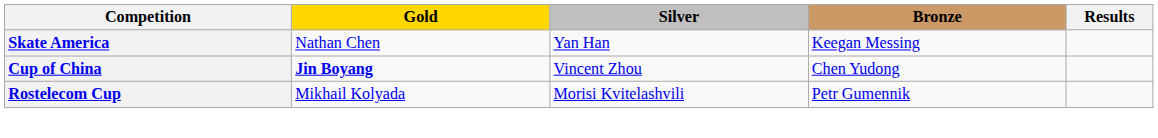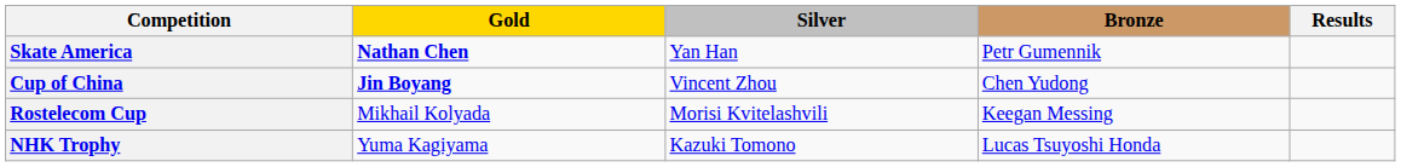 <table class="wikitable unsortable" style="text-align:left; width:90%;">
 <tr>
 <th scope="col" style="text-align:center; width:25%;">Competition</th>
 <td scope="col" style="text-align:center; width:22.5%; background:gold"><strong>Gold</strong></td>
 <td scope="col" style="text-align:center; width:22.5%; background:silver"><strong>Silver</strong></td>
 <td scope="col" style="text-align:center; width:22.5%; background:#c96"><strong>Bronze</strong></td>
 <th scope="col" style="text-align:center; width:7.5%;">Results</th>
 </tr>
 <tr>
 <th scope="row" style="text-align:left"> <a href='#'>Skate America</a></th>
-<td> <a href='#'>Nathan Chen</a></td>
+<td><strong> <a href='#'>Nathan Chen</a></strong></td>
 <td> <a href='#'>Yan Han</a></td>
-<td> <a href='#'>Keegan Messing</a></td>
+<td> <a href='#'>Petr Gumennik</a></td>
 <td></td>
 </tr>
 <tr>
 <th scope="row" style="text-align:left"> <a href='#'>Cup of China</a></th>
 <td><strong> <a href='#'>Jin Boyang</a></strong></td>
 <td> <a href='#'>Vincent Zhou</a></td>
 <td> <a href='#'>Chen Yudong</a></td>
 <td></td>
 </tr>
 <tr>
 <th scope="row" style="text-align:left"> <a href='#'>Rostelecom Cup</a></th>
 <td> <a href='#'>Mikhail Kolyada</a></td>
 <td> <a href='#'>Morisi Kvitelashvili</a></td>
-<td> <a href='#'>Petr Gumennik</a></td>
+<td> <a href='#'>Keegan Messing</a></td>
+<td></td>
+</tr>
+<tr>
+<th scope="row" style="text-align:left"> <a href='#'>NHK Trophy</a></th>
+<td> <a href='#'>Yuma Kagiyama</a></td>
+<td> <a href='#'>Kazuki Tomono</a></td>
+<td> <a href='#'>Lucas Tsuyoshi Honda</a></td>
 <td></td>
 </tr>
 </table>
